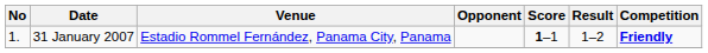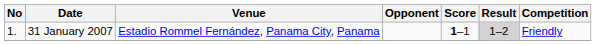 <table class="wikitable" style="font-size:85%;">
 <tr>
 <th>No</th>
 <th>Date</th>
 <th>Venue</th>
 <th>Opponent</th>
 <th>Score</th>
 <th>Result</th>
 <th>Competition</th>
 </tr>
 <tr>
 <td>1.</td>
 <td>31 January 2007</td>
 <td><a href='#'>Estadio Rommel Fernández</a>, <a href='#'>Panama City</a>, <a href='#'>Panama</a></td>
 <td></td>
 <td align=center><strong>1</strong>–1</td>
-<td align=center>1–2</td>
-<td><strong><a href='#'>Friendly</a></strong></td>
+<td align=center style="background: lightgrey;">1–2</td>
+<td><a href='#'>Friendly</a></td>
 </tr>
 <tr>
 </tr>
 </table>
